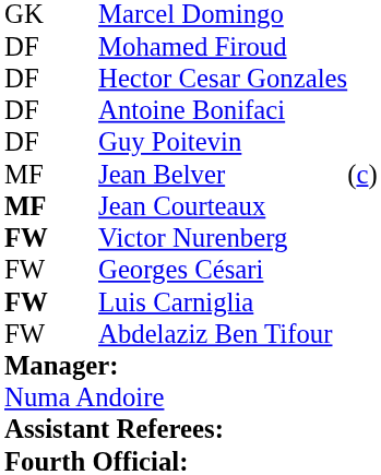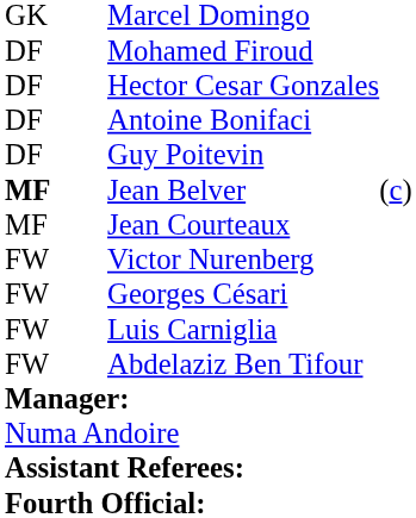 <table style=font-size:90% cellspacing=0 cellpadding=0>
 <tr>
 <td colspan=4></td>
 </tr>
 <tr>
 <th width=25></th>
 <th width=25></th>
 </tr>
 <tr>
 <td>GK</td>
 <td><strong> </strong></td>
 <td> <a href='#'>Marcel Domingo</a></td>
 </tr>
 <tr>
 <td>DF</td>
 <td><strong> </strong></td>
 <td> <a href='#'>Mohamed Firoud</a></td>
 </tr>
 <tr>
 <td>DF</td>
 <td><strong> </strong></td>
 <td> <a href='#'>Hector Cesar Gonzales</a></td>
 </tr>
 <tr>
 <td>DF</td>
 <td><strong> </strong></td>
 <td> <a href='#'>Antoine Bonifaci</a></td>
 </tr>
 <tr>
 <td>DF</td>
 <td><strong> </strong></td>
 <td> <a href='#'>Guy Poitevin</a></td>
 </tr>
 <tr>
-<td>MF</td>
+<td><strong>MF</strong></td>
 <td><strong> </strong></td>
 <td> <a href='#'>Jean Belver</a></td>
 <td>(<a href='#'>c</a>)</td>
 </tr>
 <tr>
-<td><strong>MF</strong></td>
+<td>MF</td>
 <td><strong> </strong></td>
 <td> <a href='#'>Jean Courteaux</a></td>
 </tr>
 <tr>
-<td><strong>FW</strong></td>
+<td>FW</td>
 <td><strong> </strong></td>
 <td> <a href='#'>Victor Nurenberg</a></td>
 </tr>
 <tr>
 <td>FW</td>
 <td><strong> </strong></td>
 <td> <a href='#'>Georges Césari</a></td>
 </tr>
 <tr>
-<td><strong>FW</strong></td>
+<td>FW</td>
 <td><strong> </strong></td>
 <td> <a href='#'>Luis Carniglia</a></td>
 </tr>
 <tr>
 <td>FW</td>
 <td><strong> </strong></td>
 <td> <a href='#'>Abdelaziz Ben Tifour</a></td>
 </tr>
 <tr>
 <td colspan=3><strong>Manager:</strong></td>
 </tr>
 <tr>
 <td colspan=4> <a href='#'>Numa Andoire</a><br><strong>Assistant Referees:</strong><br> <strong>Fourth Official:</strong><br></td>
 </tr>
 </table>
